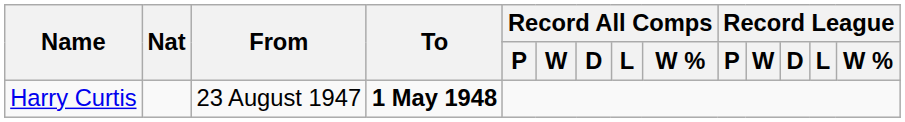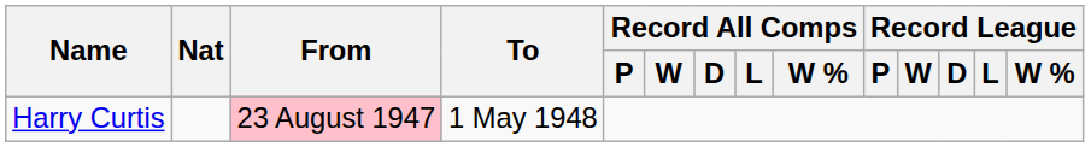 <table style="text-align: center" class="wikitable">
 <tr>
 <th rowspan="2">Name</th>
 <th rowspan="2">Nat</th>
 <th rowspan="2">From</th>
 <th rowspan="2">To</th>
 <th colspan="5">Record All Comps</th>
 <th colspan="5">Record League</th>
 </tr>
 <tr>
 <th>P</th>
 <th>W</th>
 <th>D</th>
 <th>L</th>
 <th>W %</th>
 <th>P</th>
 <th>W</th>
 <th>D</th>
 <th>L</th>
 <th>W %</th>
 </tr>
 <tr>
 <td style="text-align:left;"><a href='#'>Harry Curtis</a></td>
 <td></td>
-<td style="text-align:left;">23 August 1947</td>
-<td style="text-align:left;"><strong>1 May 1948<br> </strong></td>
+<td style="background: pink; text-align:left;">23 August 1947</td>
+<td style="text-align:left;">1 May 1948<br> </td>
 </tr>
 </table>
